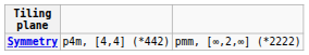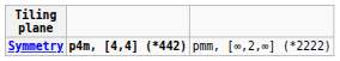 <table class=wikitable>
 <tr align=center>
 <th>Tiling<br>plane</th>
 <td></td>
 <td></td>
 </tr>
 <tr align=center>
 <th><a href='#'>Symmetry</a></th>
-<td>p4m, [4,4] (*442)</td>
+<td><strong>p4m, [4,4] (*442)</strong></td>
 <td>pmm, [∞,2,∞] (*2222)</td>
 </tr>
 </table>
